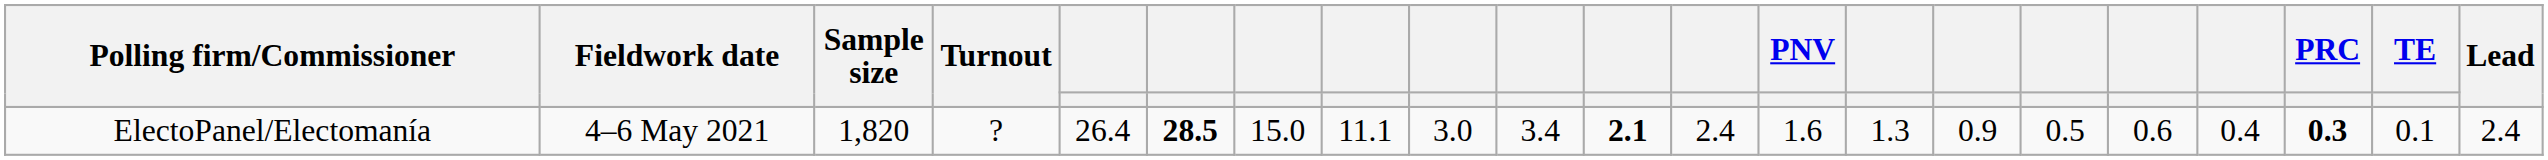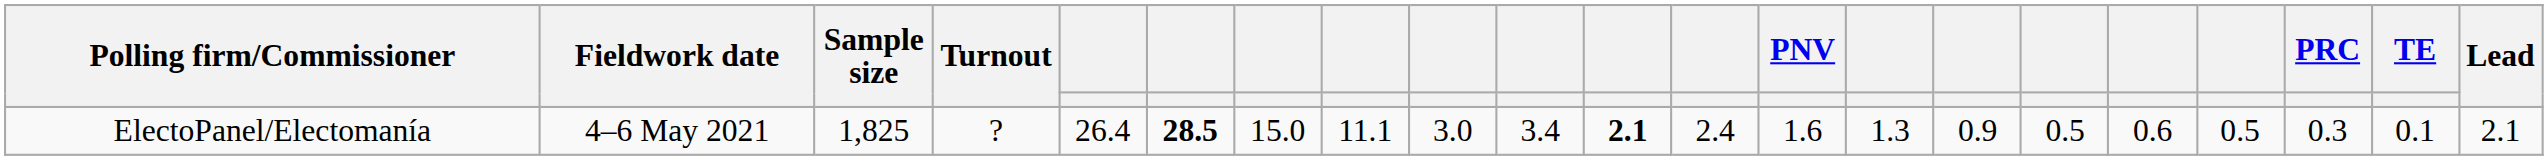 <table class="wikitable collapsible collapsed" style="text-align:center; font-size:95%; line-height:16px;">
 <tr style="height:42px;">
 <th style="width:250px;" rowspan="2">Polling firm/Commissioner</th>
 <th style="width:125px;" rowspan="2">Fieldwork date</th>
 <th style="width:50px;" rowspan="2">Sample size</th>
 <th style="width:45px;" rowspan="2">Turnout</th>
 <th style="width:35px;"></th>
 <th style="width:35px;"></th>
 <th style="width:35px;"></th>
 <th style="width:35px;"></th>
 <th style="width:35px;"></th>
 <th style="width:35px;"></th>
 <th style="width:35px;"></th>
 <th style="width:35px;"></th>
 <th style="width:35px;"><a href='#'>PNV</a></th>
 <th style="width:35px;"></th>
 <th style="width:35px;"></th>
 <th style="width:35px;"></th>
 <th style="width:35px;"></th>
 <th style="width:35px;"></th>
 <th style="width:35px;"><a href='#'>PRC</a></th>
 <th style="width:35px;"><a href='#'>TE</a></th>
 <th style="width:30px;" rowspan="2">Lead</th>
 </tr>
 <tr>
 <th style="color:inherit;background:"></th>
 <th style="color:inherit;background:"></th>
 <th style="color:inherit;background:"></th>
 <th style="color:inherit;background:"></th>
 <th style="color:inherit;background:"></th>
 <th style="color:inherit;background:"></th>
 <th style="color:inherit;background:"></th>
 <th style="color:inherit;background:"></th>
 <th style="color:inherit;background:"></th>
 <th style="color:inherit;background:"></th>
 <th style="color:inherit;background:"></th>
 <th style="color:inherit;background:"></th>
 <th style="color:inherit;background:"></th>
 <th style="color:inherit;background:"></th>
 <th style="color:inherit;background:"></th>
 <th style="color:inherit;background:"></th>
 </tr>
 <tr>
 <td>ElectoPanel/Electomanía</td>
 <td>4–6 May 2021</td>
-<td>1,820</td>
+<td>1,825</td>
 <td>?</td>
 <td>26.4<br></td>
 <td><strong>28.5</strong><br></td>
 <td>15.0<br></td>
 <td>11.1<br></td>
 <td>3.0<br></td>
 <td>3.4<br></td>
 <td><strong>2.1<br></strong></td>
 <td>2.4<br></td>
 <td>1.6<br></td>
 <td>1.3<br></td>
 <td>0.9<br></td>
 <td>0.5<br></td>
 <td>0.6<br></td>
-<td>0.4<br></td>
-<td><strong>0.3<br></strong></td>
+<td>0.5<br></td>
+<td>0.3<br></td>
 <td>0.1<br></td>
-<td style="background:">2.4</td>
+<td style="background:">2.1</td>
 </tr>
 </table>
